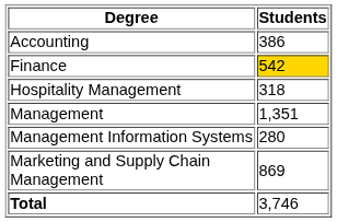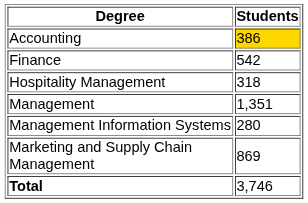 <table style="float: right;" border="1">
 <tr>
 <th>Degree</th>
 <th>Students</th>
 </tr>
 <tr>
 <td>Accounting</td>
-<td>386</td>
+<td style="background: gold;">386</td>
 </tr>
 <tr>
 <td>Finance</td>
-<td style="background: gold;">542</td>
+<td>542</td>
 </tr>
 <tr>
 <td>Hospitality Management</td>
 <td>318</td>
 </tr>
 <tr>
 <td>Management</td>
 <td>1,351</td>
 </tr>
 <tr>
 <td>Management Information Systems</td>
 <td>280</td>
 </tr>
 <tr>
 <td>Marketing and Supply Chain<br>Management</td>
 <td>869</td>
 </tr>
 <tr>
 <td><strong>Total</strong></td>
 <td>3,746</td>
 </tr>
 </table>
